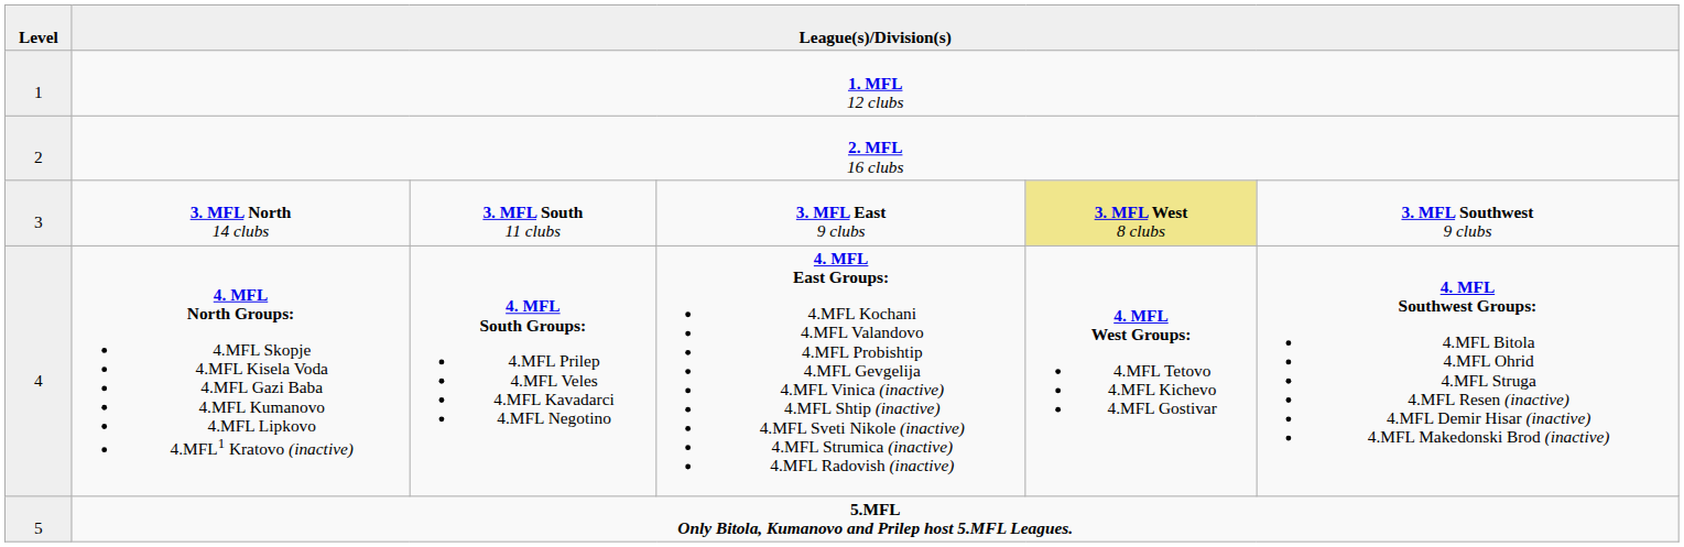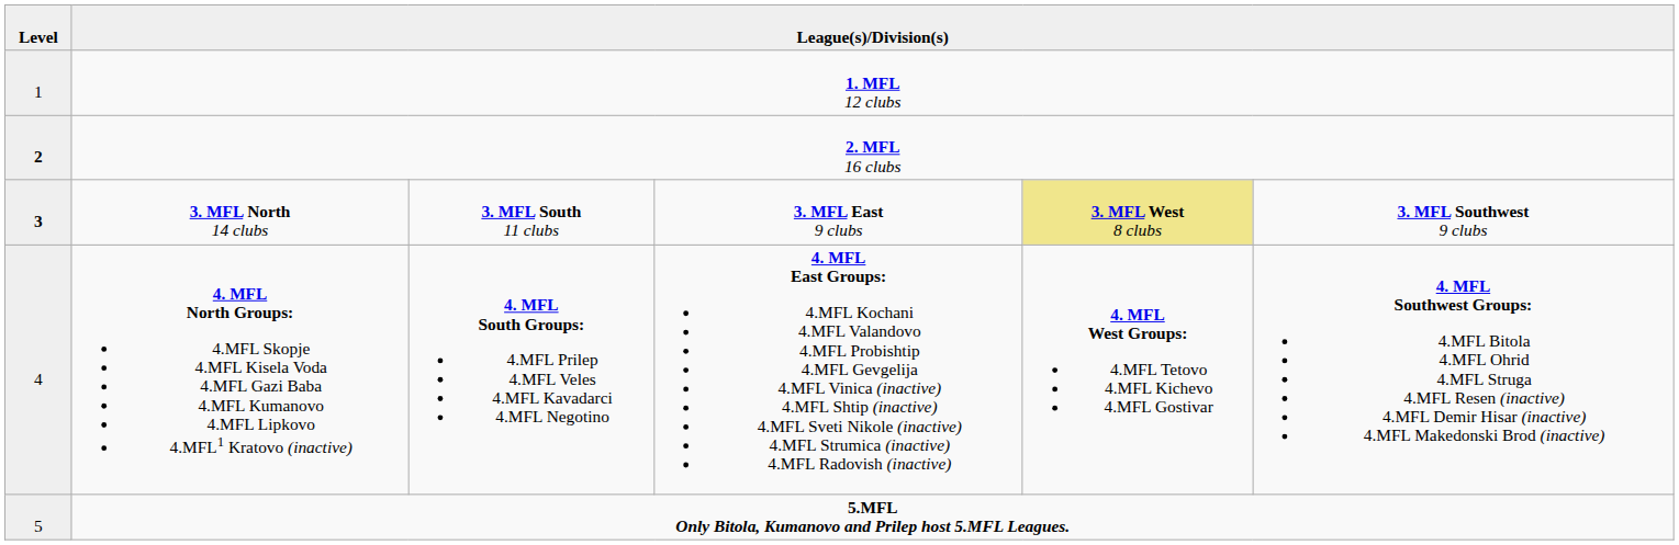 <table class="wikitable" style="text-align:center; width:100%;">
 <tr style="background:#efefef;">
 <td style="width:4%; text-align:center;"><br><strong>Level</strong></td>
 <td colspan="5" style="width:96%; text-align:center;"><br><strong>League(s)/Division(s)</strong></td>
 </tr>
 <tr>
 <td style="text-align:center; width:4%; background:#efefef;"><br>1</td>
 <td colspan="5" style="width:96%; text-align:center;"><br><strong><a href='#'>1. MFL</a></strong><br> <em>12 clubs</em></td>
 </tr>
 <tr>
-<td style="text-align:center; width:4%; background:#efefef;"><br>2</td>
+<td style="text-align:center; width:4%; background:#efefef;"><strong><br>2</strong></td>
 <td colspan="5" style="width:96%; text-align:center;"><br><strong><a href='#'>2. MFL</a></strong><br> <em>16 clubs</em></td>
 </tr>
 <tr>
-<td style="text-align:center; width:4%; background:#efefef;"><br>3</td>
+<td style="text-align:center; width:4%; background:#efefef;"><strong><br>3</strong></td>
 <td style="text-align:center;"><br><strong><a href='#'>3. MFL</a> North</strong><br><em>14 clubs</em></td>
 <td style="text-align:center;"><br><strong><a href='#'>3. MFL</a> South</strong><br><em>11 clubs</em></td>
 <td style="text-align:center;"><br><strong><a href='#'>3. MFL</a> East</strong><br><em>9 clubs</em></td>
 <td style="background: khaki; text-align:center;"><br><strong><a href='#'>3. MFL</a> West</strong><br><em>8 clubs</em></td>
 <td style="text-align:center;"><br><strong><a href='#'>3. MFL</a> Southwest</strong><br><em>9 clubs</em></td>
 </tr>
 <tr>
 <td style="text-align:center; width:4%; background:#efefef;"><br>4</td>
 <td style="text-align:center;"><br><strong><a href='#'>4. MFL</a></strong><br><strong>North Groups:</strong><ul><li>4.MFL Skopje</li><li>4.MFL Kisela Voda</li><li>4.MFL Gazi Baba</li><li>4.MFL Kumanovo</li><li>4.MFL Lipkovo</li><li>4.MFL<sup>1</sup> Kratovo <em>(inactive)</em></li></ul></td>
 <td><strong><a href='#'>4. MFL</a></strong><br><strong>South Groups:</strong><br><ul><li>4.MFL Prilep</li><li>4.MFL Veles</li><li>4.MFL Kavadarci</li><li>4.MFL Negotino</li></ul></td>
 <td><strong><a href='#'>4. MFL</a></strong><br><strong>East Groups:</strong><br><ul><li>4.MFL Kochani</li><li>4.MFL Valandovo</li><li>4.MFL Probishtip</li><li>4.MFL Gevgelija</li><li>4.MFL Vinica <em>(inactive)</em></li><li>4.MFL Shtip <em>(inactive)</em></li><li>4.MFL Sveti Nikole <em>(inactive)</em></li><li>4.MFL Strumica <em>(inactive)</em></li><li>4.MFL Radovish <em>(inactive)</em></li></ul></td>
 <td><strong><a href='#'>4. MFL</a></strong><br><strong>West Groups:</strong><br><ul><li>4.MFL Tetovo</li><li>4.MFL Kichevo</li><li>4.MFL Gostivar</li></ul></td>
 <td><strong><a href='#'>4. MFL</a></strong><br><strong>Southwest Groups:</strong><br><ul><li>4.MFL Bitola</li><li>4.MFL Ohrid</li><li>4.MFL Struga</li><li>4.MFL Resen <em>(inactive)</em></li><li>4.MFL Demir Hisar <em>(inactive)</em></li><li>4.MFL Makedonski Brod <em>(inactive)</em></li></ul></td>
 </tr>
 <tr>
 <td style="text-align:center; width:4%; background:#efefef;"><br>5</td>
 <td colspan="5" style="width:96%; text-align:center;"><strong>5.MFL<strong><em><br>Only Bitola, Kumanovo and Prilep host 5.MFL Leagues.<em></td>
 </tr>
 </table>
